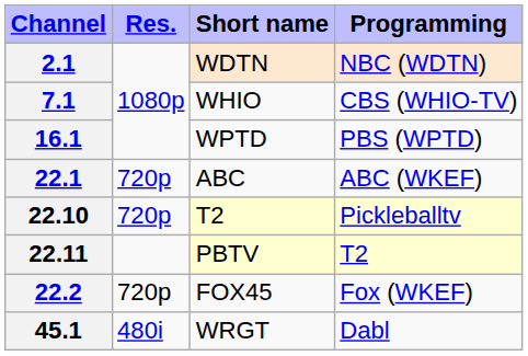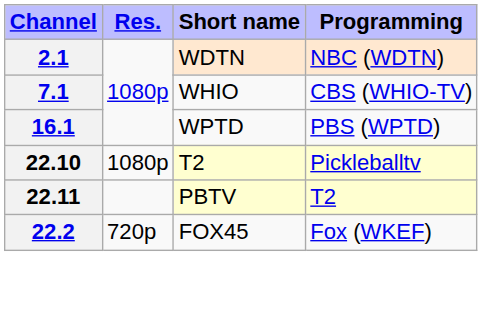 <table class="wikitable">
 <tr>
 <th style="background-color: #bdbdff" scope = "col"><a href='#'>Channel</a></th>
 <th style="background-color: #bdbdff" scope = "col"><a href='#'>Res.</a></th>
 <th style="background-color: #bdbdff" scope = "col">Short name</th>
 <th style="background-color: #bdbdff" scope = "col">Programming</th>
 </tr>
 <tr>
 <th scope = "row"><a href='#'>2.1</a></th>
 <td rowspan=3><a href='#'>1080p</a></td>
 <td style="background-color:#ffe8d0">WDTN</td>
 <td style="background-color:#ffe8d0"><a href='#'>NBC</a> (<a href='#'>WDTN</a>) </td>
 </tr>
 <tr>
 <th scope = "row"><a href='#'>7.1</a></th>
 <td>WHIO</td>
 <td><a href='#'>CBS</a> (<a href='#'>WHIO-TV</a>)</td>
 </tr>
 <tr>
 <th scope = "row"><a href='#'>16.1</a></th>
 <td>WPTD</td>
 <td><a href='#'>PBS</a> (<a href='#'>WPTD</a>)</td>
 </tr>
 <tr>
-<th scope = "row"><a href='#'>22.1</a></th>
-<td><a href='#'>720p</a></td>
-<td>ABC</td>
-<td><a href='#'>ABC</a> (<a href='#'>WKEF</a>)</td>
-</tr>
-<tr>
 <th scope = "row">22.10</th>
-<td><a href='#'>720p</a></td>
+<td>1080p</td>
 <td style="background-color:#ffffd0">T2</td>
 <td style="background-color:#ffffd0"><a href='#'>Pickleballtv</a></td>
 </tr>
 <tr>
 <th scope = "row">22.11</th>
 <td></td>
 <td style="background-color:#ffffd0">PBTV</td>
 <td style="background-color:#ffffd0"><a href='#'>T2</a></td>
 </tr>
 <tr>
 <th scope = "row"><a href='#'>22.2</a></th>
 <td>720p</td>
 <td>FOX45</td>
 <td><a href='#'>Fox</a> (<a href='#'>WKEF</a>)</td>
 </tr>
-<tr>
-<th scope = "row">45.1</th>
-<td><a href='#'>480i</a></td>
-<td>WRGT</td>
-<td><a href='#'>Dabl</a></td>
-</tr>
 </table>
